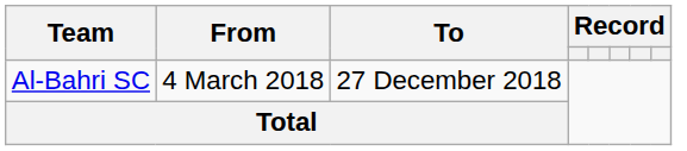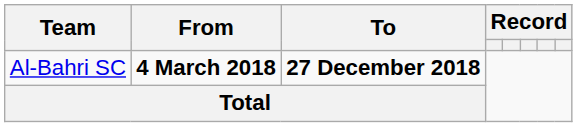 <table class=wikitable style=text-align:center>
 <tr>
 <th rowspan=2>Team</th>
 <th rowspan=2>From</th>
 <th rowspan=2>To</th>
 <th colspan=5>Record</th>
 </tr>
 <tr>
 <th></th>
 <th></th>
 <th></th>
 <th></th>
 <th></th>
 </tr>
 <tr>
 <td align=left><a href='#'>Al-Bahri SC</a></td>
-<td align=left>4 March 2018</td>
-<td align=left>27 December 2018<br></td>
+<td align=left><strong>4 March 2018</strong></td>
+<td align=left><strong>27 December 2018<br></strong></td>
 </tr>
 <tr>
 <th colspan=3>Total<br></th>
 </tr>
 </table>
